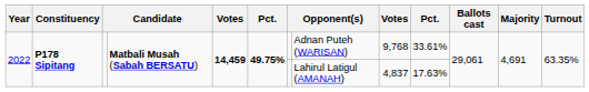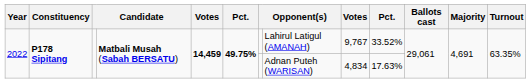 <table class="wikitable" style="margin:0.5em ; font-size:95%">
 <tr>
 <th>Year</th>
 <th>Constituency</th>
 <th colspan="2">Candidate</th>
 <th>Votes</th>
 <th>Pct.</th>
 <th colspan="2">Opponent(s)</th>
 <th>Votes</th>
 <th>Pct.</th>
 <th>Ballots cast</th>
 <th>Majority</th>
 <th>Turnout</th>
 </tr>
 <tr>
 <td rowspan="2"><a href='#'>2022</a></td>
 <td rowspan="2"><strong>P178 <a href='#'>Sipitang</a></strong></td>
 <td rowspan="2" ></td>
 <td rowspan="2"><strong>Matbali Musah</strong> (<a href='#'><strong>Sabah BERSATU</strong></a>)</td>
 <td rowspan="2" align=right><strong>14,459</strong></td>
 <td rowspan="2"><strong>49.75%</strong></td>
 <td></td>
-<td>Adnan Puteh (<a href='#'>WARISAN</a>)</td>
-<td align=right>9,768</td>
-<td>33.61%</td>
+<td>Lahirul Latigul (<a href='#'>AMANAH</a>)</td>
+<td align=right>9,767</td>
+<td>33.52%</td>
 <td rowspan="2">29,061</td>
 <td rowspan="2">4,691</td>
 <td rowspan="2">63.35%</td>
 </tr>
 <tr>
 <td></td>
-<td>Lahirul Latigul (<a href='#'>AMANAH</a>)</td>
-<td align=right>4,837</td>
+<td>Adnan Puteh (<a href='#'>WARISAN</a>)</td>
+<td align=right>4,834</td>
 <td>17.63%</td>
 </tr>
 </table>
